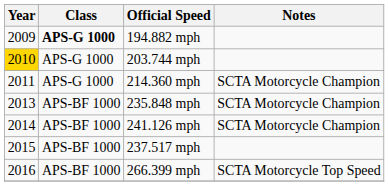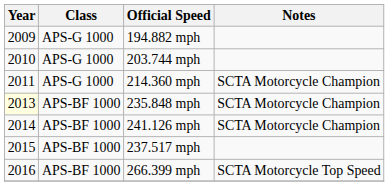 <table class="wikitable">
 <tr>
 <th scope="col">Year</th>
 <th scope="col">Class</th>
 <th scope="col">Official Speed</th>
 <th scope="col">Notes</th>
 </tr>
 <tr>
 <td>2009</td>
-<td><strong>APS-G 1000</strong></td>
+<td>APS-G 1000</td>
 <td>194.882 mph</td>
 <td></td>
 </tr>
 <tr>
-<td style="background: gold;">2010</td>
+<td>2010</td>
 <td>APS-G 1000</td>
 <td>203.744 mph</td>
 <td></td>
 </tr>
 <tr>
 <td>2011</td>
 <td>APS-G 1000</td>
 <td>214.360 mph</td>
 <td>SCTA Motorcycle Champion</td>
 </tr>
 <tr>
-<td>2013</td>
+<td style="background: lightyellow;">2013</td>
 <td>APS-BF 1000</td>
 <td>235.848 mph</td>
 <td>SCTA Motorcycle Champion</td>
 </tr>
 <tr>
 <td>2014</td>
 <td>APS-BF 1000</td>
 <td>241.126 mph</td>
 <td>SCTA Motorcycle Champion</td>
 </tr>
 <tr>
 <td>2015</td>
 <td>APS-BF 1000</td>
 <td>237.517 mph</td>
 <td></td>
 </tr>
 <tr>
 <td>2016</td>
 <td>APS-BF 1000</td>
 <td>266.399 mph</td>
 <td>SCTA Motorcycle Top Speed</td>
 </tr>
 <tr>
 </tr>
 </table>
